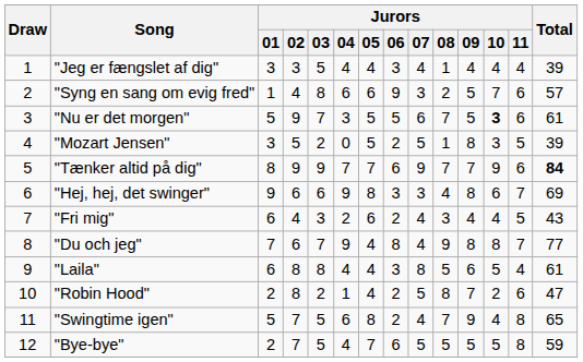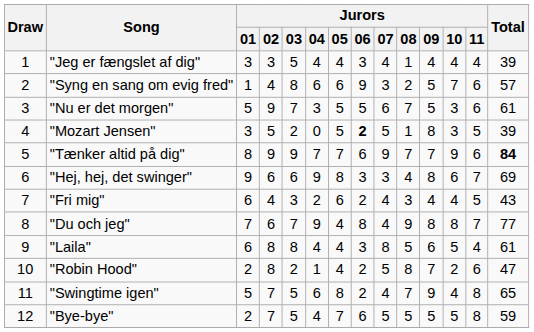 <table class="wikitable plainrowheaders" style="margin: 1em auto 1em auto; text-align:center;">
 <tr>
 </tr>
 <tr>
 <th scope="col" rowspan=2>Draw</th>
 <th scope="col" rowspan=2>Song</th>
 <th scope="col" colspan=11>Jurors</th>
 <th scope="col" rowspan=2>Total</th>
 </tr>
 <tr>
 <th>01</th>
 <th>02</th>
 <th>03</th>
 <th>04</th>
 <th>05</th>
 <th>06</th>
 <th>07</th>
 <th>08</th>
 <th>09</th>
 <th>10</th>
 <th>11</th>
 </tr>
 <tr>
 <td>1</td>
 <td align=left>"Jeg er fængslet af dig"</td>
 <td>3</td>
 <td>3</td>
 <td>5</td>
 <td>4</td>
 <td>4</td>
 <td>3</td>
 <td>4</td>
 <td>1</td>
 <td>4</td>
 <td>4</td>
 <td>4</td>
 <td>39</td>
 </tr>
 <tr>
 <td>2</td>
 <td align=left>"Syng en sang om evig fred"</td>
 <td>1</td>
 <td>4</td>
 <td>8</td>
 <td>6</td>
 <td>6</td>
 <td>9</td>
 <td>3</td>
 <td>2</td>
 <td>5</td>
 <td>7</td>
 <td>6</td>
 <td>57</td>
 </tr>
 <tr>
 <td>3</td>
 <td align=left>"Nu er det morgen"</td>
 <td>5</td>
 <td>9</td>
 <td>7</td>
 <td>3</td>
 <td>5</td>
 <td>5</td>
 <td>6</td>
 <td>7</td>
 <td>5</td>
-<td><strong>3</strong></td>
+<td>3</td>
 <td>6</td>
 <td>61</td>
 </tr>
 <tr>
 <td>4</td>
 <td align=left>"Mozart Jensen"</td>
 <td>3</td>
 <td>5</td>
 <td>2</td>
 <td>0</td>
 <td>5</td>
-<td>2</td>
+<td><strong>2</strong></td>
 <td>5</td>
 <td>1</td>
 <td>8</td>
 <td>3</td>
 <td>5</td>
 <td>39</td>
 </tr>
 <tr>
 <td>5</td>
 <td align=left>"Tænker altid på dig"</td>
 <td>8</td>
 <td>9</td>
 <td>9</td>
 <td>7</td>
 <td>7</td>
 <td>6</td>
 <td>9</td>
 <td>7</td>
 <td>7</td>
 <td>9</td>
 <td>6</td>
 <td><strong>84</strong></td>
 </tr>
 <tr>
 <td>6</td>
 <td align=left>"Hej, hej, det swinger"</td>
 <td>9</td>
 <td>6</td>
 <td>6</td>
 <td>9</td>
 <td>8</td>
 <td>3</td>
 <td>3</td>
 <td>4</td>
 <td>8</td>
 <td>6</td>
 <td>7</td>
 <td>69</td>
 </tr>
 <tr>
 <td>7</td>
 <td align=left>"Fri mig"</td>
 <td>6</td>
 <td>4</td>
 <td>3</td>
 <td>2</td>
 <td>6</td>
 <td>2</td>
 <td>4</td>
 <td>3</td>
 <td>4</td>
 <td>4</td>
 <td>5</td>
 <td>43</td>
 </tr>
 <tr>
 <td>8</td>
 <td align=left>"Du och jeg"</td>
 <td>7</td>
 <td>6</td>
 <td>7</td>
 <td>9</td>
 <td>4</td>
 <td>8</td>
 <td>4</td>
 <td>9</td>
 <td>8</td>
 <td>8</td>
 <td>7</td>
 <td>77</td>
 </tr>
 <tr>
 <td>9</td>
 <td align=left>"Laila"</td>
 <td>6</td>
 <td>8</td>
 <td>8</td>
 <td>4</td>
 <td>4</td>
 <td>3</td>
 <td>8</td>
 <td>5</td>
 <td>6</td>
 <td>5</td>
 <td>4</td>
 <td>61</td>
 </tr>
 <tr>
 <td>10</td>
 <td align=left>"Robin Hood"</td>
 <td>2</td>
 <td>8</td>
 <td>2</td>
 <td>1</td>
 <td>4</td>
 <td>2</td>
 <td>5</td>
 <td>8</td>
 <td>7</td>
 <td>2</td>
 <td>6</td>
 <td>47</td>
 </tr>
 <tr>
 <td>11</td>
 <td align=left>"Swingtime igen"</td>
 <td>5</td>
 <td>7</td>
 <td>5</td>
 <td>6</td>
 <td>8</td>
 <td>2</td>
 <td>4</td>
 <td>7</td>
 <td>9</td>
 <td>4</td>
 <td>8</td>
 <td>65</td>
 </tr>
 <tr>
 <td>12</td>
 <td align=left>"Bye-bye"</td>
 <td>2</td>
 <td>7</td>
 <td>5</td>
 <td>4</td>
 <td>7</td>
 <td>6</td>
 <td>5</td>
 <td>5</td>
 <td>5</td>
 <td>5</td>
 <td>8</td>
 <td>59</td>
 </tr>
 <tr>
 </tr>
 </table>
